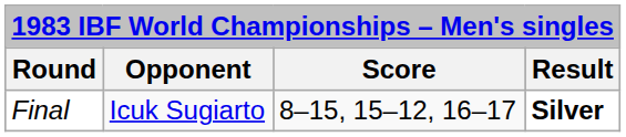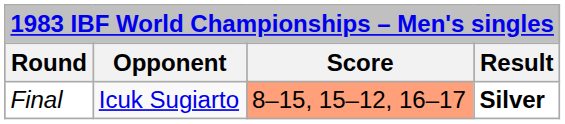 <table class="wikitable" style="font-size: 90%; text-align: center">
 <tr>
 <th colspan=5 style="background:Silver;"><a href='#'>1983 IBF World Championships – Men's singles</a></th>
 </tr>
 <tr>
 <th>Round</th>
 <th>Opponent</th>
 <th>Score</th>
 <th>Result</th>
 </tr>
 <tr>
 <td style="text-align:left; background:white"><em>Final</em></td>
 <td align="left"> <a href='#'>Icuk Sugiarto</a></td>
-<td align="left">8–15, 15–12, 16–17</td>
+<td align="left" style="background: lightsalmon;">8–15, 15–12, 16–17</td>
 <td style="text-align:left; background:white"> <strong>Silver</strong></td>
 </tr>
 </table>
